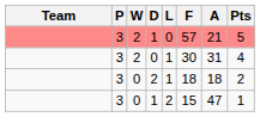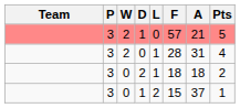 <table class="wikitable" style="text-align:center;">
 <tr>
 <th width="120px">Team</th>
 <th>P</th>
 <th>W</th>
 <th>D</th>
 <th>L</th>
 <th width="23px">F</th>
 <th width="23px">A</th>
 <th width="23px">Pts</th>
 </tr>
 <tr bgcolor="#FF8888">
 <td></td>
 <td>3</td>
 <td>2</td>
 <td>1</td>
 <td>0</td>
 <td>57</td>
 <td>21</td>
 <td>5</td>
 </tr>
 <tr>
 <td></td>
 <td>3</td>
 <td>2</td>
 <td>0</td>
 <td>1</td>
-<td>30</td>
+<td>28</td>
 <td>31</td>
 <td>4</td>
 </tr>
 <tr>
 <td></td>
 <td>3</td>
 <td>0</td>
 <td>2</td>
 <td>1</td>
 <td>18</td>
 <td>18</td>
 <td>2</td>
 </tr>
 <tr>
 <td></td>
 <td>3</td>
 <td>0</td>
 <td>1</td>
 <td>2</td>
 <td>15</td>
-<td>47</td>
+<td>37</td>
 <td>1</td>
 </tr>
 </table>
